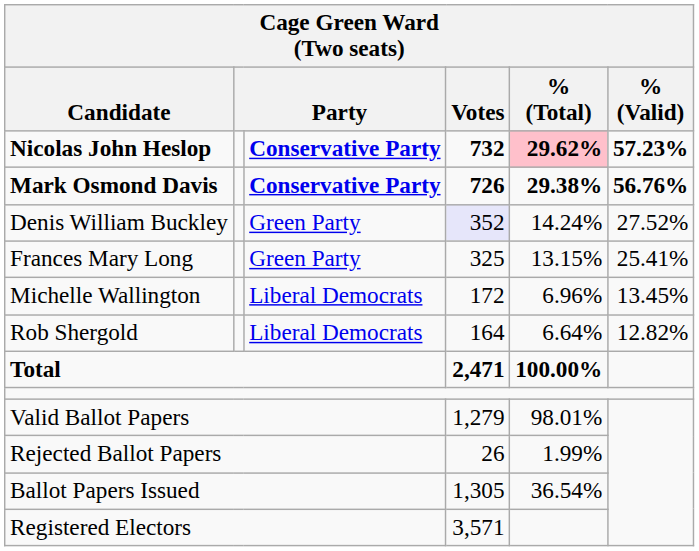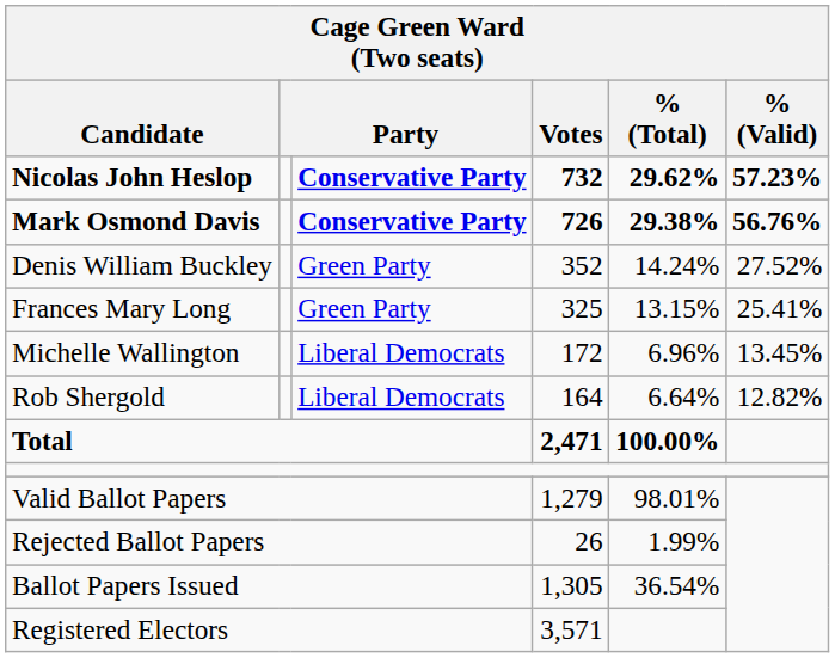 <table class="wikitable" border="1" style="text-align:right; font-size:100%">
 <tr>
 <th align=center colspan=6>Cage Green Ward<br>(Two seats)</th>
 </tr>
 <tr>
 <th valign=bottom>Candidate</th>
 <th valign=bottom colspan=2>Party</th>
 <th valign=bottom>Votes</th>
 <th>%<br>(Total)</th>
 <th>%<br>(Valid)</th>
 </tr>
 <tr>
 <td align=left><strong>Nicolas John Heslop</strong></td>
 <td style="background:"></td>
 <td align=left><strong><a href='#'>Conservative Party</a></strong></td>
 <td><strong>732</strong></td>
-<td style="background: pink;"><strong>29.62%</strong></td>
+<td><strong>29.62%</strong></td>
 <td><strong>57.23%</strong></td>
 </tr>
 <tr>
 <td align=left><strong>Mark Osmond Davis</strong></td>
 <td style="background:"></td>
 <td align=left><strong><a href='#'>Conservative Party</a></strong></td>
 <td><strong>726</strong></td>
 <td><strong>29.38%</strong></td>
 <td><strong>56.76%</strong></td>
 </tr>
 <tr>
 <td align=left>Denis William Buckley</td>
 <td style="background:"></td>
 <td align=left><a href='#'>Green Party</a></td>
-<td style="background: lavender;">352</td>
+<td>352</td>
 <td>14.24%</td>
 <td>27.52%</td>
 </tr>
 <tr>
 <td align=left>Frances Mary Long</td>
 <td style="background:"></td>
 <td align=left><a href='#'>Green Party</a></td>
 <td>325</td>
 <td>13.15%</td>
 <td>25.41%</td>
 </tr>
 <tr>
 <td align=left>Michelle Wallington</td>
 <td style="background:"></td>
 <td align=left><a href='#'>Liberal Democrats</a></td>
 <td>172</td>
 <td>6.96%</td>
 <td>13.45%</td>
 </tr>
 <tr>
 <td align=left>Rob Shergold</td>
 <td style="background:"></td>
 <td align=left><a href='#'>Liberal Democrats</a></td>
 <td>164</td>
 <td>6.64%</td>
 <td>12.82%</td>
 </tr>
 <tr style="font-weight:bold">
 <td align=left colspan=3>Total</td>
 <td>2,471</td>
 <td>100.00%</td>
 <td></td>
 </tr>
 <tr>
 <td align=left colspan=6></td>
 </tr>
 <tr>
 <td align=left colspan=3>Valid Ballot Papers</td>
 <td>1,279</td>
 <td>98.01%</td>
 <td rowspan=4></td>
 </tr>
 <tr>
 <td align=left colspan=3>Rejected Ballot Papers</td>
 <td>26</td>
 <td>1.99%</td>
 </tr>
 <tr>
 <td align=left colspan=3>Ballot Papers Issued</td>
 <td>1,305</td>
 <td>36.54%</td>
 </tr>
 <tr>
 <td align=left colspan=3>Registered Electors</td>
 <td>3,571</td>
 <td></td>
 </tr>
 </table>
